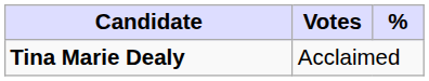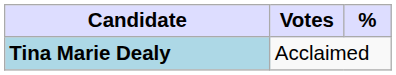 <table class="wikitable">
 <tr>
 <th style="background:#ddf; width:200px;">Candidate</th>
 <th style="background:#ddf; width:50px;">Votes</th>
 <th style="background:#ddf; width:30px;">%</th>
 </tr>
 <tr>
-<td><strong>Tina Marie Dealy</strong></td>
+<td style="background: lightblue;"><strong>Tina Marie Dealy</strong></td>
 <td colspan="2">Acclaimed</td>
 </tr>
 </table>
